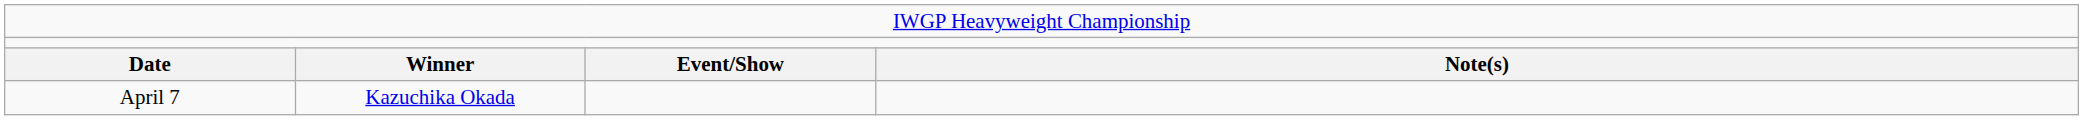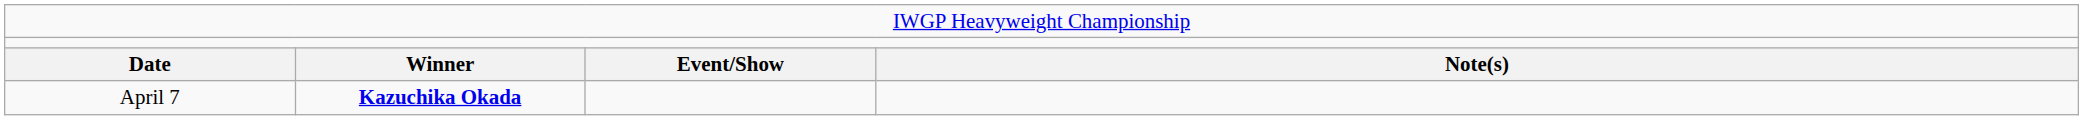 <table class="wikitable" style="text-align:center; width:100%;">
 <tr>
 <td colspan="5"><a href='#'>IWGP Heavyweight Championship</a></td>
 </tr>
 <tr>
 <td colspan="5"><strong></strong></td>
 </tr>
 <tr>
 <th width=14%>Date</th>
 <th width=14%>Winner</th>
 <th width=14%>Event/Show</th>
 <th width=58%>Note(s)</th>
 </tr>
 <tr>
 <td>April 7</td>
-<td><a href='#'>Kazuchika Okada</a></td>
+<td><strong><a href='#'>Kazuchika Okada</a></strong></td>
 <td></td>
 <td align=left></td>
 </tr>
 </table>
